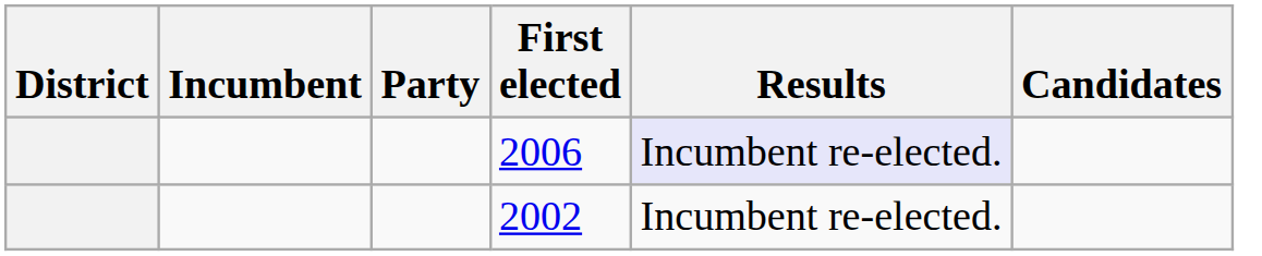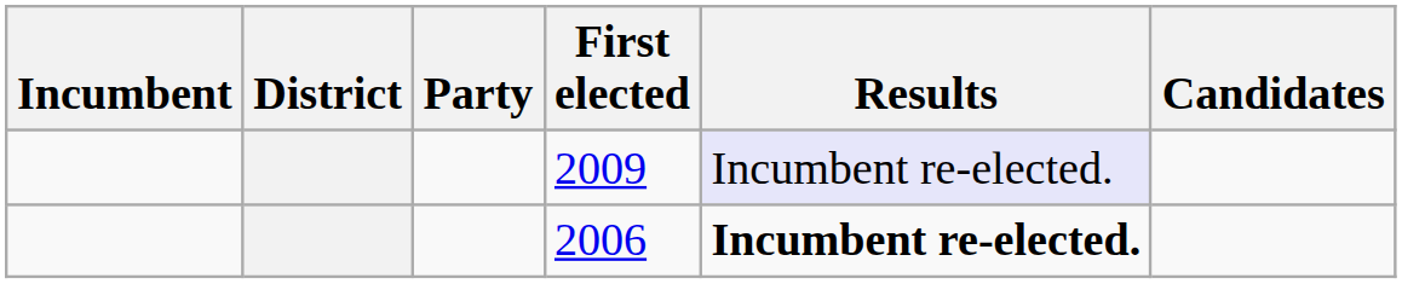 <table class="wikitable sortable">
 <tr valign=bottom>
+<th>Incumbent</th>
 <th>District</th>
-<th>Incumbent</th>
 <th>Party</th>
 <th>First<br>elected</th>
 <th>Results</th>
 <th>Candidates</th>
 </tr>
 <tr>
+<td></td>
 <th></th>
 <td></td>
-<td></td>
-<td><a href='#'>2006</a></td>
+<td><a href='#'>2009</a></td>
 <td style="background: lavender;">Incumbent re-elected.</td>
 <td nowrap></td>
 </tr>
 <tr>
+<td></td>
 <th></th>
 <td></td>
-<td></td>
-<td><a href='#'>2002</a></td>
-<td>Incumbent re-elected.</td>
+<td><a href='#'>2006</a></td>
+<td><strong>Incumbent re-elected.</strong></td>
 <td nowrap></td>
 </tr>
 </table>
